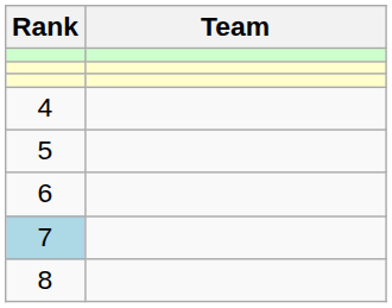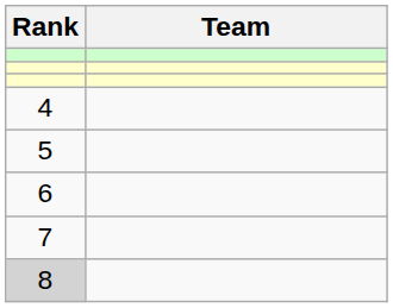 <table class="wikitable">
 <tr>
 <th>Rank</th>
 <th width=170>Team</th>
 </tr>
 <tr bgcolor=#ccffcc>
 <td align=center></td>
 <td></td>
 </tr>
 <tr bgcolor=#ffffcc>
 <td align=center></td>
 <td></td>
 </tr>
 <tr bgcolor=#ffffcc>
 <td align=center></td>
 <td></td>
 </tr>
 <tr>
 <td align=center>4</td>
 <td></td>
 </tr>
 <tr>
 <td align=center>5</td>
 <td></td>
 </tr>
 <tr>
 <td align=center>6</td>
 <td></td>
 </tr>
 <tr>
-<td align=center style="background: lightblue;">7</td>
+<td align=center>7</td>
 <td></td>
 </tr>
 <tr>
-<td align=center>8</td>
+<td align=center style="background: lightgrey;">8</td>
 <td></td>
 </tr>
 </table>
